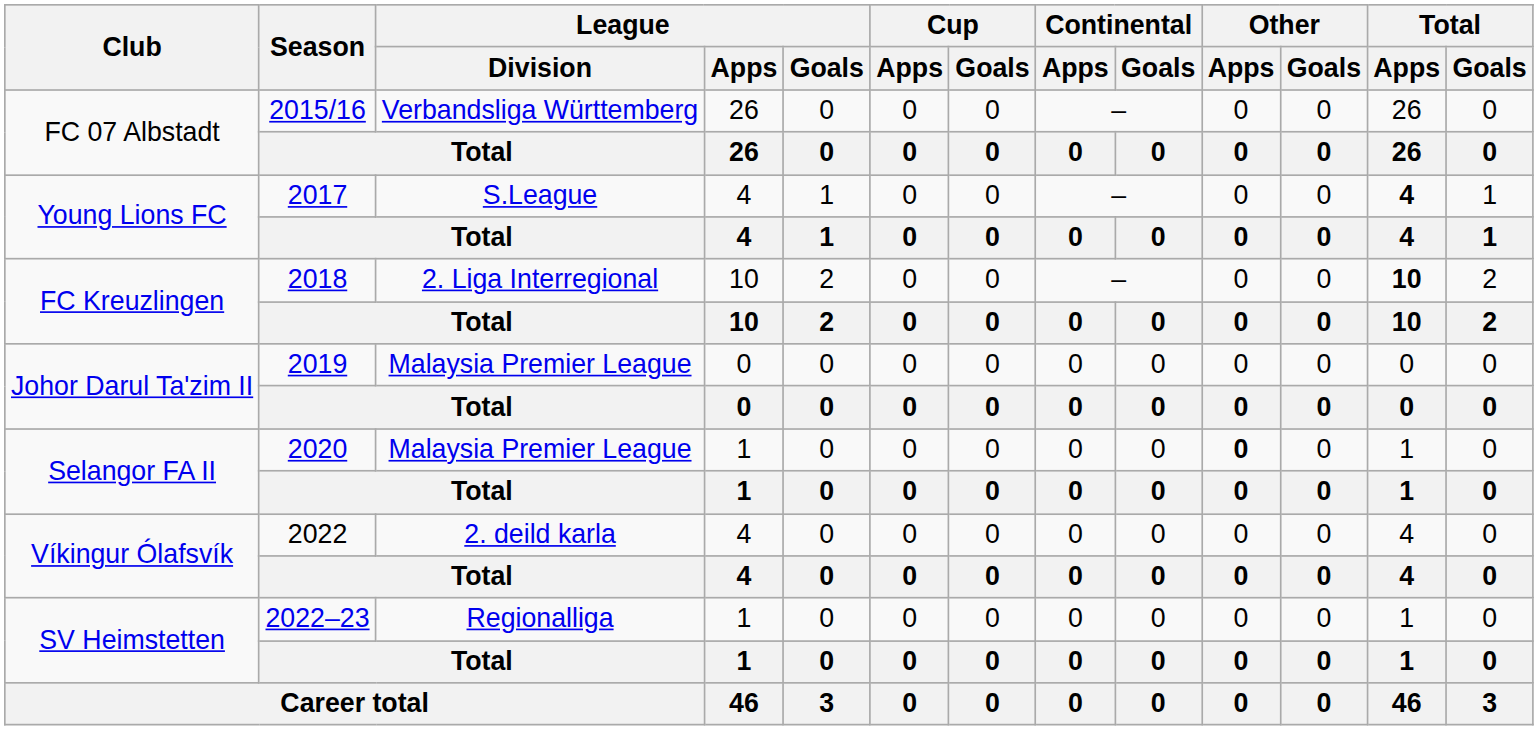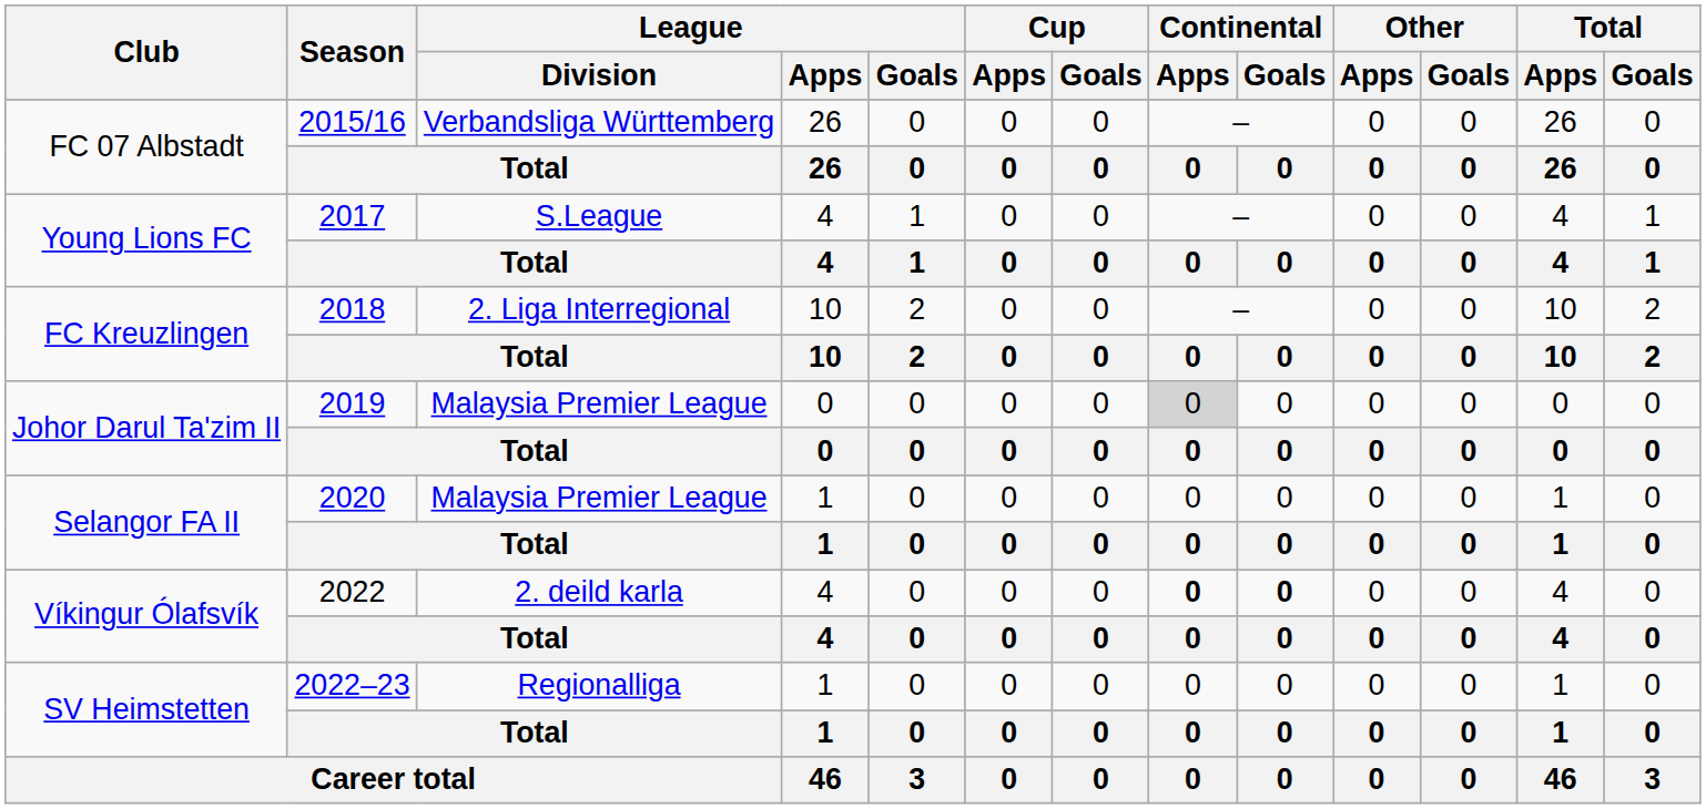 <table class="wikitable" style="text-align: center">
 <tr>
 <th rowspan="2">Club</th>
 <th rowspan="2">Season</th>
 <th colspan="3">League</th>
 <th colspan="2">Cup</th>
 <th colspan="2">Continental</th>
 <th colspan="2">Other</th>
 <th colspan="2">Total</th>
 </tr>
 <tr>
 <th>Division</th>
 <th>Apps</th>
 <th>Goals</th>
 <th>Apps</th>
 <th>Goals</th>
 <th>Apps</th>
 <th>Goals</th>
 <th>Apps</th>
 <th>Goals</th>
 <th>Apps</th>
 <th>Goals</th>
 </tr>
 <tr>
 <td rowspan="2">FC 07 Albstadt</td>
 <td><a href='#'>2015/16</a></td>
 <td><a href='#'>Verbandsliga Württemberg</a></td>
 <td>26</td>
 <td>0</td>
 <td>0</td>
 <td>0</td>
 <td colspan="2">–</td>
 <td>0</td>
 <td>0</td>
 <td>26</td>
 <td>0</td>
 </tr>
 <tr>
 <th colspan=2>Total</th>
 <th>26</th>
 <th>0</th>
 <th>0</th>
 <th>0</th>
 <th>0</th>
 <th>0</th>
 <th>0</th>
 <th>0</th>
 <th>26</th>
 <th>0</th>
 </tr>
 <tr>
 <td rowspan="2"><a href='#'>Young Lions FC</a></td>
 <td><a href='#'>2017</a></td>
 <td><a href='#'>S.League</a></td>
 <td>4</td>
 <td>1</td>
 <td>0</td>
 <td>0</td>
 <td colspan="2">–</td>
 <td>0</td>
 <td>0</td>
-<td><strong>4</strong></td>
+<td>4</td>
 <td>1</td>
 </tr>
 <tr>
 <th colspan=2>Total</th>
 <th>4</th>
 <th>1</th>
 <th>0</th>
 <th>0</th>
 <th>0</th>
 <th>0</th>
 <th>0</th>
 <th>0</th>
 <th>4</th>
 <th>1</th>
 </tr>
 <tr>
 <td rowspan="2"><a href='#'>FC Kreuzlingen</a></td>
 <td><a href='#'>2018</a></td>
 <td><a href='#'>2. Liga Interregional</a></td>
 <td>10</td>
 <td>2</td>
 <td>0</td>
 <td>0</td>
 <td colspan="2">–</td>
 <td>0</td>
 <td>0</td>
-<td><strong>10</strong></td>
+<td>10</td>
 <td>2</td>
 </tr>
 <tr>
 <th colspan=2>Total</th>
 <th>10</th>
 <th>2</th>
 <th>0</th>
 <th>0</th>
 <th>0</th>
 <th>0</th>
 <th>0</th>
 <th>0</th>
 <th>10</th>
 <th>2</th>
 </tr>
 <tr>
 <td rowspan="2"><a href='#'>Johor Darul Ta'zim II</a></td>
 <td><a href='#'>2019</a></td>
 <td><a href='#'>Malaysia Premier League</a></td>
 <td>0</td>
 <td>0</td>
 <td>0</td>
 <td>0</td>
-<td>0</td>
+<td style="background: lightgrey;">0</td>
 <td>0</td>
 <td>0</td>
 <td>0</td>
 <td>0</td>
 <td>0</td>
 </tr>
 <tr>
 <th colspan=2>Total</th>
 <th>0</th>
 <th>0</th>
 <th>0</th>
 <th>0</th>
 <th>0</th>
 <th>0</th>
 <th>0</th>
 <th>0</th>
 <th>0</th>
 <th>0</th>
 </tr>
 <tr>
 <td rowspan="2"><a href='#'>Selangor FA II</a></td>
 <td><a href='#'>2020</a></td>
 <td><a href='#'>Malaysia Premier League</a></td>
 <td>1</td>
 <td>0</td>
 <td>0</td>
 <td>0</td>
 <td>0</td>
 <td>0</td>
-<td><strong>0</strong></td>
+<td>0</td>
 <td>0</td>
 <td>1</td>
 <td>0</td>
 </tr>
 <tr>
 <th colspan=2>Total</th>
 <th>1</th>
 <th>0</th>
 <th>0</th>
 <th>0</th>
 <th>0</th>
 <th>0</th>
 <th>0</th>
 <th>0</th>
 <th>1</th>
 <th>0</th>
 </tr>
 <tr>
 <td rowspan="2"><a href='#'>Víkingur Ólafsvík</a></td>
 <td>2022</td>
 <td><a href='#'>2. deild karla</a></td>
 <td>4</td>
 <td>0</td>
 <td>0</td>
 <td>0</td>
-<td>0</td>
-<td>0</td>
+<td><strong>0</strong></td>
+<td><strong>0</strong></td>
 <td>0</td>
 <td>0</td>
 <td>4</td>
 <td>0</td>
 </tr>
 <tr>
 <th colspan=2>Total</th>
 <th>4</th>
 <th>0</th>
 <th>0</th>
 <th>0</th>
 <th>0</th>
 <th>0</th>
 <th>0</th>
 <th>0</th>
 <th>4</th>
 <th>0</th>
 </tr>
 <tr>
 <td rowspan="2"><a href='#'>SV Heimstetten</a></td>
 <td><a href='#'>2022–23</a></td>
 <td><a href='#'>Regionalliga</a></td>
 <td>1</td>
 <td>0</td>
 <td>0</td>
 <td>0</td>
 <td>0</td>
 <td>0</td>
 <td>0</td>
 <td>0</td>
 <td>1</td>
 <td>0</td>
 </tr>
 <tr>
 <th colspan=2>Total</th>
 <th>1</th>
 <th>0</th>
 <th>0</th>
 <th>0</th>
 <th>0</th>
 <th>0</th>
 <th>0</th>
 <th>0</th>
 <th>1</th>
 <th>0</th>
 </tr>
 <tr>
 <th colspan=3>Career total</th>
 <th>46</th>
 <th>3</th>
 <th>0</th>
 <th>0</th>
 <th>0</th>
 <th>0</th>
 <th>0</th>
 <th>0</th>
 <th>46</th>
 <th>3</th>
 </tr>
 </table>
